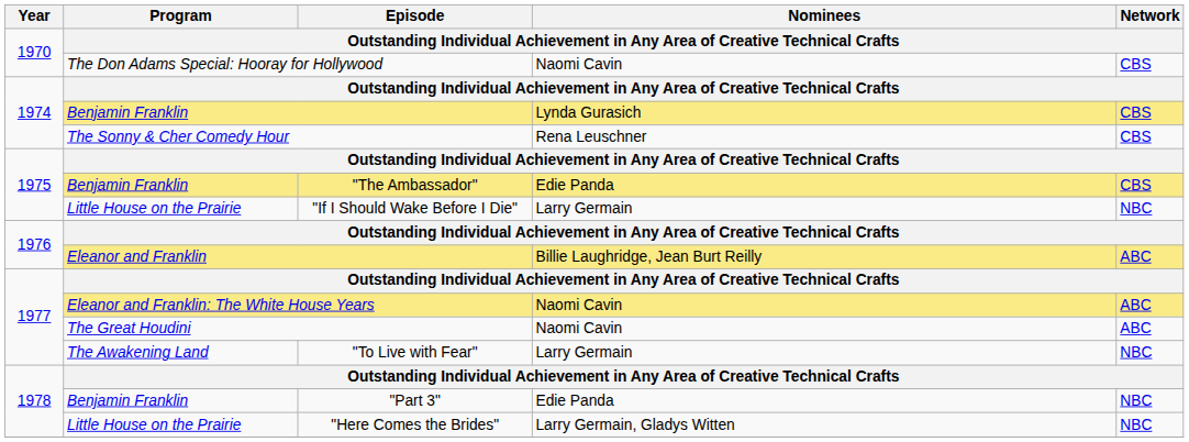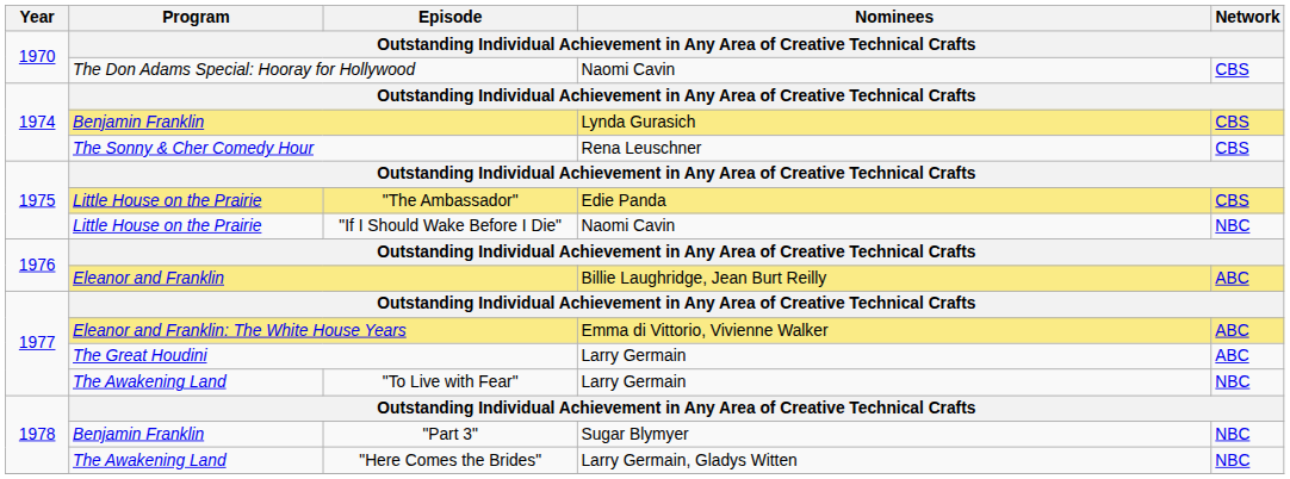 <table class="wikitable">
 <tr>
 <th width="5%">Year</th>
 <th width="20%">Program</th>
 <th width="20%">Episode</th>
 <th width="50%">Nominees</th>
 <th width="5%">Network</th>
 </tr>
 <tr>
 <td rowspan="2" style="text-align:center;"><a href='#'>1970</a></td>
 <th colspan="4">Outstanding Individual Achievement in Any Area of Creative Technical Crafts</th>
 </tr>
 <tr>
 <td colspan=2><em>The Don Adams Special: Hooray for Hollywood</em></td>
 <td>Naomi Cavin</td>
 <td><a href='#'>CBS</a></td>
 </tr>
 <tr>
 <td rowspan="3" style="text-align:center;"><a href='#'>1974</a></td>
 <th colspan="4">Outstanding Individual Achievement in Any Area of Creative Technical Crafts</th>
 </tr>
 <tr style="background:#FAEB86;">
 <td colspan=2><em><a href='#'>Benjamin Franklin</a></em></td>
 <td>Lynda Gurasich</td>
 <td><a href='#'>CBS</a></td>
 </tr>
 <tr>
 <td colspan=2><em><a href='#'>The Sonny & Cher Comedy Hour</a></em></td>
 <td>Rena Leuschner</td>
 <td><a href='#'>CBS</a></td>
 </tr>
 <tr>
 <td rowspan="3" style="text-align:center;"><a href='#'>1975</a></td>
 <th colspan="4">Outstanding Individual Achievement in Any Area of Creative Technical Crafts</th>
 </tr>
 <tr style="background:#FAEB86;">
-<td><em><a href='#'>Benjamin Franklin</a></em></td>
+<td><em><a href='#'>Little House on the Prairie</a></em></td>
 <td align=center>"The Ambassador"</td>
 <td>Edie Panda</td>
 <td><a href='#'>CBS</a></td>
 </tr>
 <tr>
 <td><em><a href='#'>Little House on the Prairie</a></em></td>
 <td align=center>"If I Should Wake Before I Die"</td>
-<td>Larry Germain</td>
+<td>Naomi Cavin</td>
 <td><a href='#'>NBC</a></td>
 </tr>
 <tr>
 <td rowspan="2" style="text-align:center;"><a href='#'>1976</a></td>
 <th colspan="4">Outstanding Individual Achievement in Any Area of Creative Technical Crafts</th>
 </tr>
 <tr style="background:#FAEB86;">
 <td colspan=2><em><a href='#'>Eleanor and Franklin</a></em></td>
 <td>Billie Laughridge, Jean Burt Reilly</td>
 <td><a href='#'>ABC</a></td>
 </tr>
 <tr>
 <td rowspan="4" style="text-align:center;"><a href='#'>1977</a></td>
 <th colspan="4">Outstanding Individual Achievement in Any Area of Creative Technical Crafts</th>
 </tr>
 <tr style="background:#FAEB86;">
 <td colspan=2><em><a href='#'>Eleanor and Franklin: The White House Years</a></em></td>
-<td>Naomi Cavin</td>
+<td>Emma di Vittorio, Vivienne Walker</td>
 <td><a href='#'>ABC</a></td>
 </tr>
 <tr>
 <td colspan=2><em><a href='#'>The Great Houdini</a></em></td>
-<td>Naomi Cavin</td>
+<td>Larry Germain</td>
 <td><a href='#'>ABC</a></td>
 </tr>
 <tr>
 <td><em><a href='#'>The Awakening Land</a></em></td>
 <td align=center>"To Live with Fear"</td>
 <td>Larry Germain</td>
 <td><a href='#'>NBC</a></td>
 </tr>
 <tr>
 <td rowspan="3" style="text-align:center;"><a href='#'>1978</a></td>
 <th colspan="4">Outstanding Individual Achievement in Any Area of Creative Technical Crafts</th>
 </tr>
 <tr>
 <td><em><a href='#'>Benjamin Franklin</a></em></td>
 <td align=center>"Part 3"</td>
-<td>Edie Panda</td>
+<td>Sugar Blymyer</td>
 <td><a href='#'>NBC</a></td>
 </tr>
 <tr>
-<td><em><a href='#'>Little House on the Prairie</a></em></td>
+<td><em><a href='#'>The Awakening Land</a></em></td>
 <td align=center>"Here Comes the Brides"</td>
 <td>Larry Germain, Gladys Witten</td>
 <td><a href='#'>NBC</a></td>
 </tr>
 <tr>
 </tr>
 </table>
